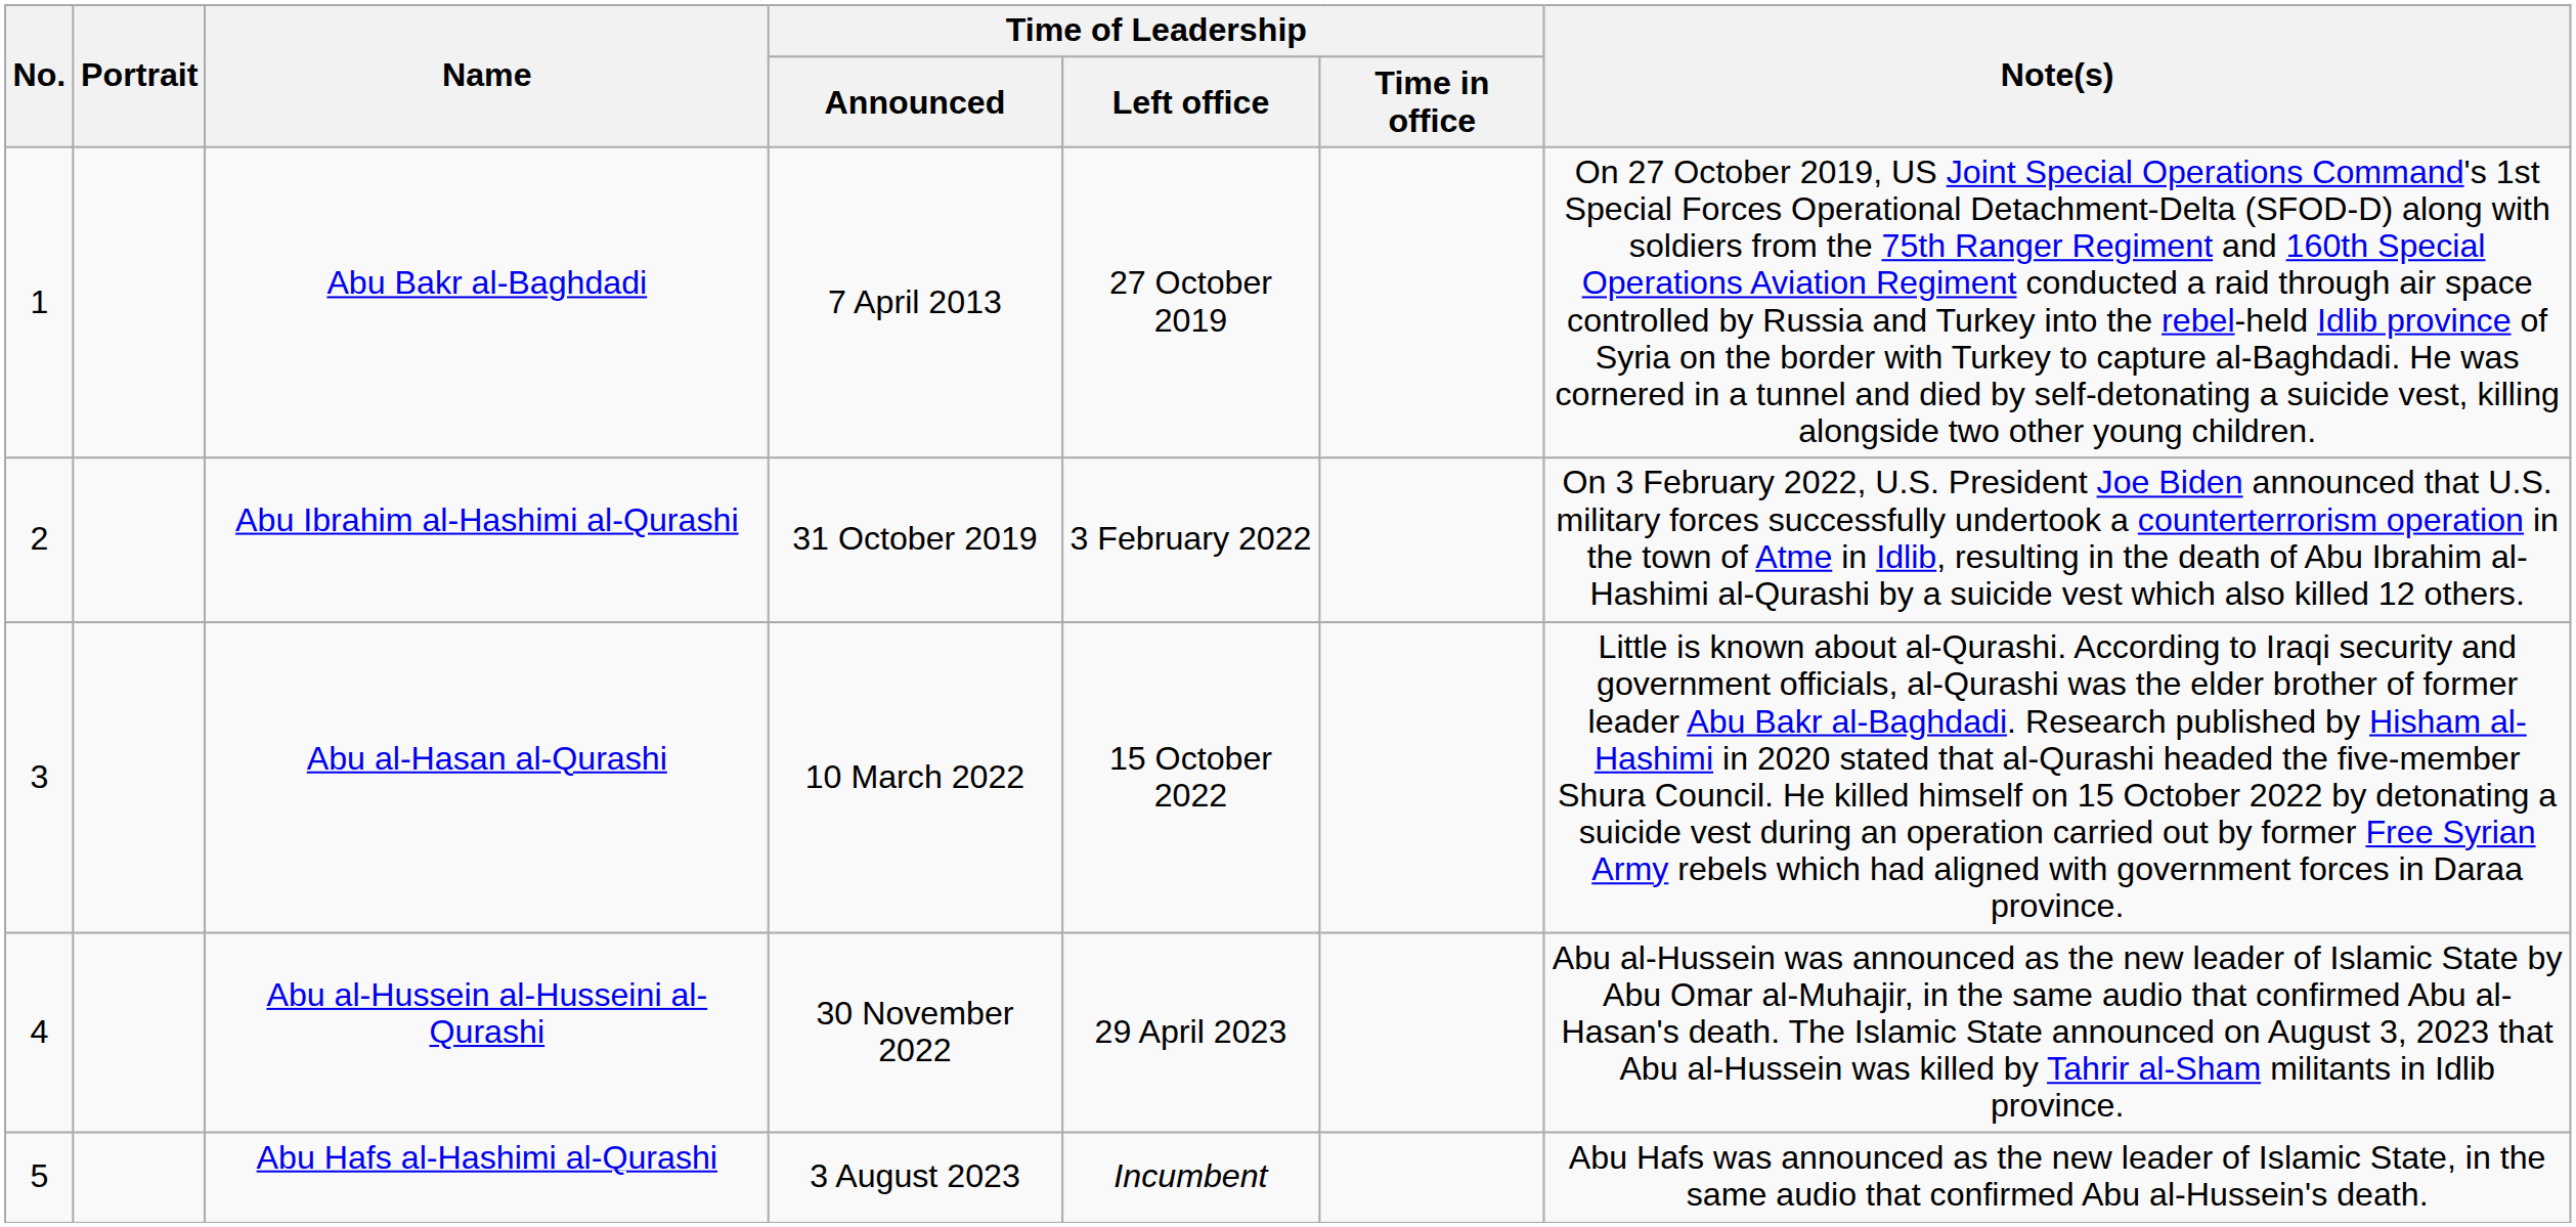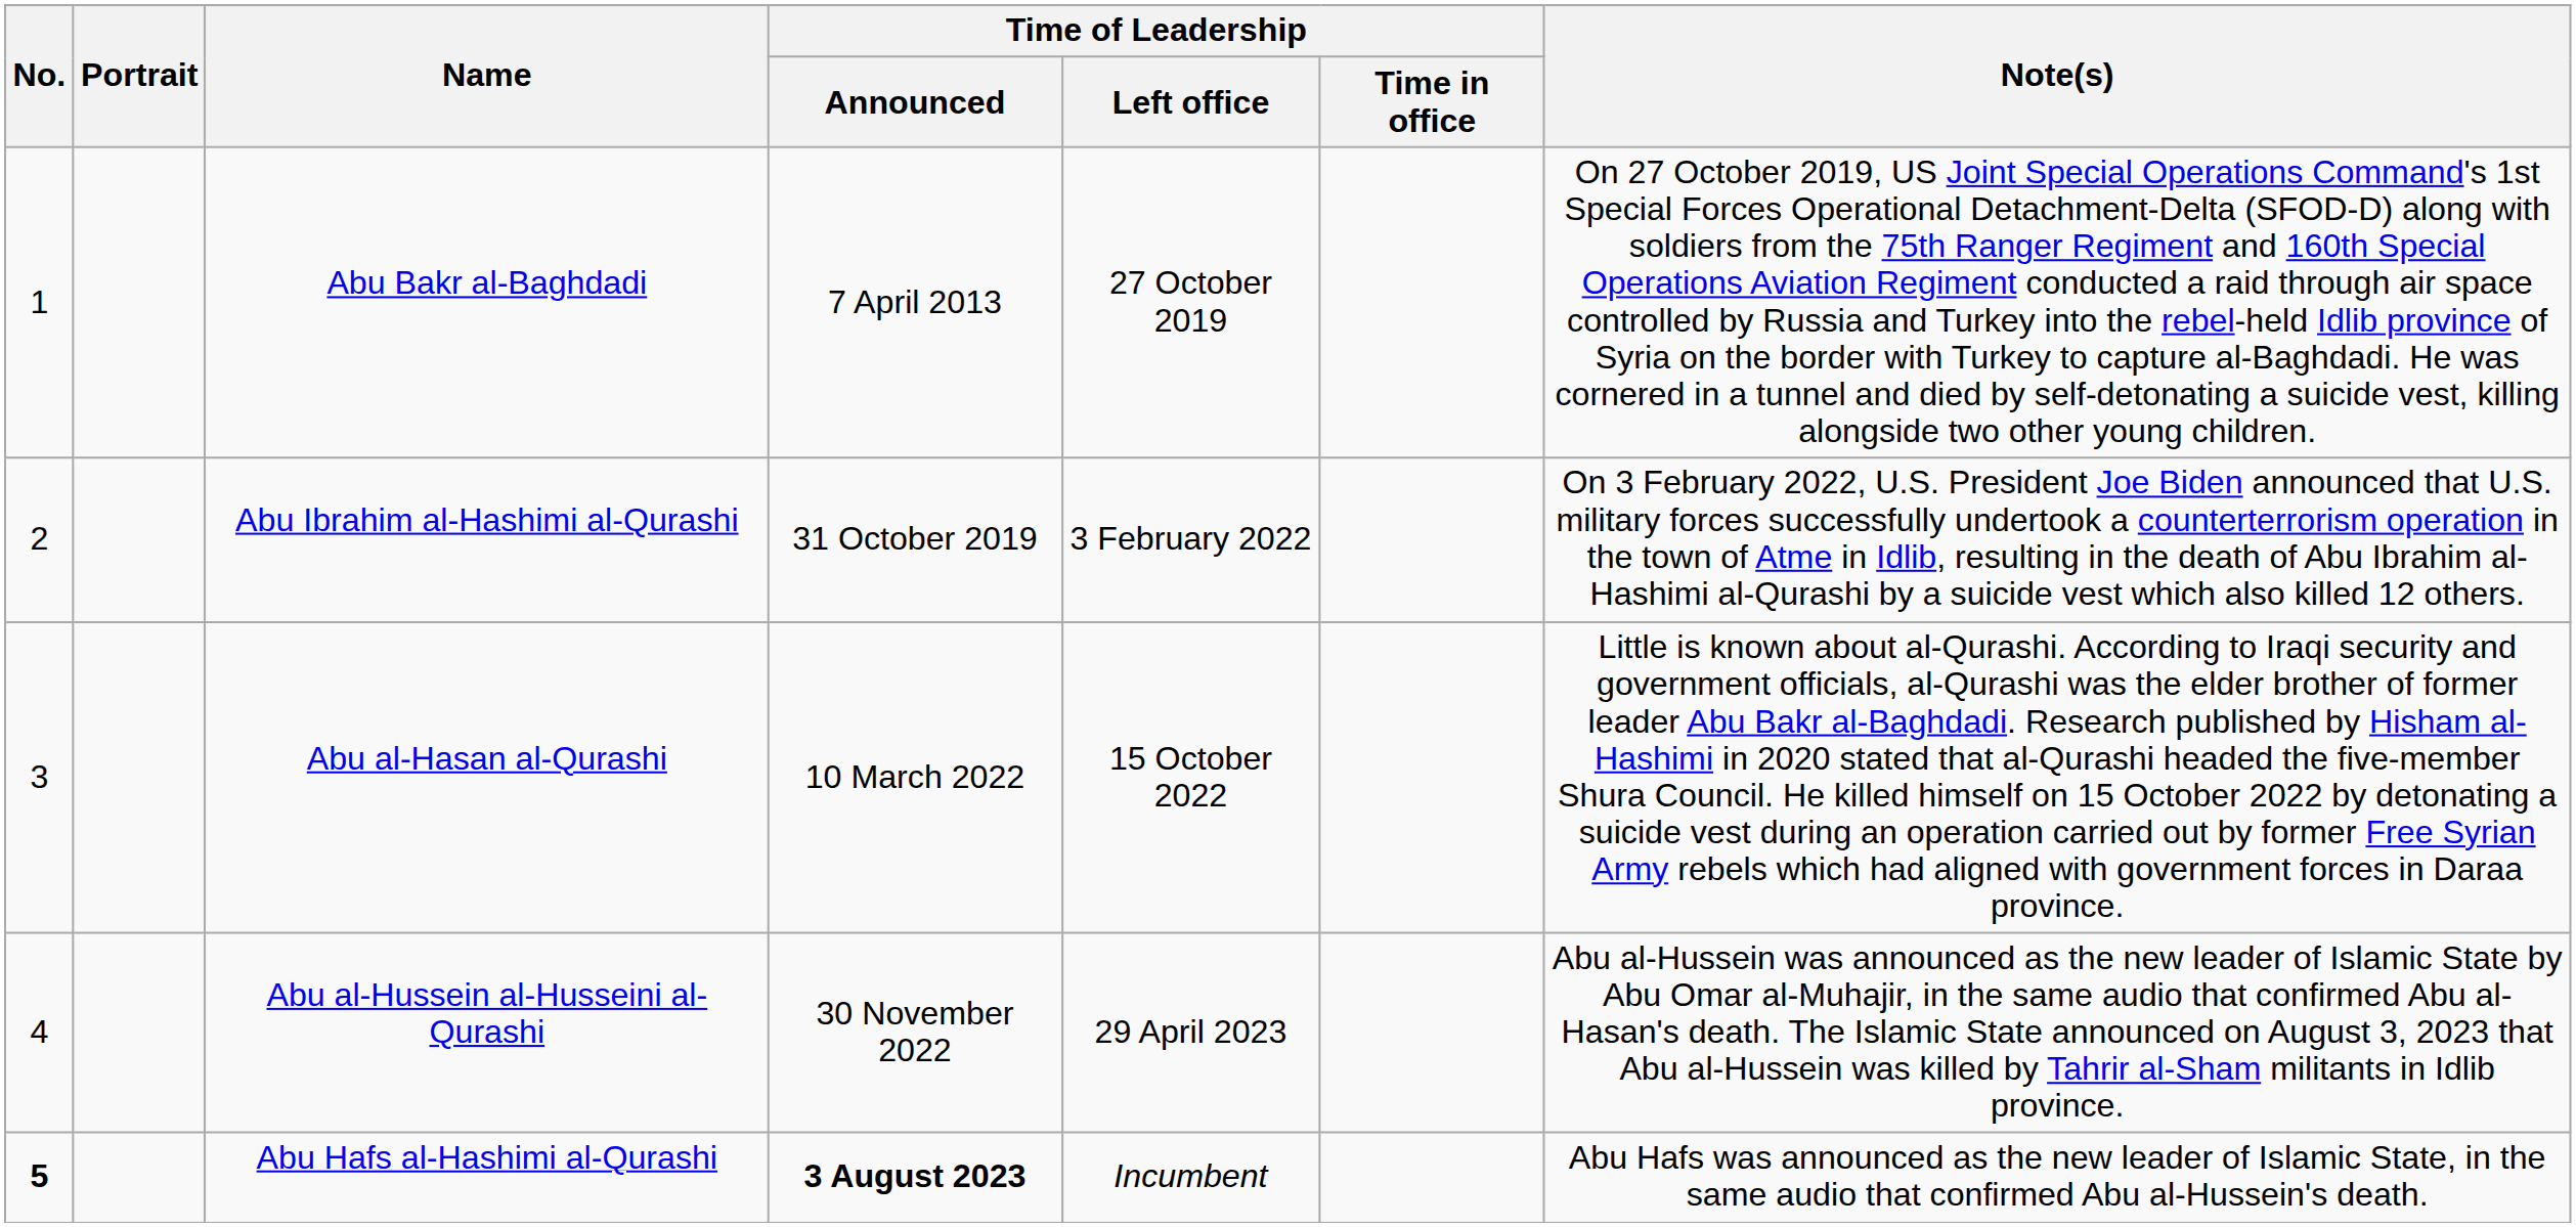 <table class="wikitable" style="text-align:center">
 <tr>
 <th rowspan="2">No.</th>
 <th rowspan="2">Portrait</th>
 <th rowspan="2">Name<br></th>
 <th colspan="3">Time of Leadership</th>
 <th rowspan="2" width="40%">Note(s)</th>
 </tr>
 <tr>
 <th>Announced</th>
 <th>Left office</th>
 <th>Time in office</th>
 </tr>
 <tr>
 <td>1</td>
 <td></td>
 <td><a href='#'>Abu Bakr al-Baghdadi</a><br><br></td>
 <td>7 April 2013</td>
 <td>27 October 2019</td>
 <td></td>
 <td>On 27 October 2019, US <a href='#'>Joint Special Operations Command</a>'s 1st Special Forces Operational Detachment-Delta (SFOD-D) along with soldiers from the <a href='#'>75th Ranger Regiment</a> and <a href='#'>160th Special Operations Aviation Regiment</a> conducted a raid through air space controlled by Russia and Turkey into the <a href='#'>rebel</a>-held <a href='#'>Idlib province</a> of Syria on the border with Turkey to capture al-Baghdadi. He was cornered in a tunnel and died by self-detonating a suicide vest, killing alongside two other young children.</td>
 </tr>
 <tr>
 <td>2</td>
 <td></td>
 <td><a href='#'>Abu Ibrahim al-Hashimi al-Qurashi</a><br><br></td>
 <td>31 October 2019</td>
 <td>3 February 2022</td>
 <td></td>
 <td>On 3 February 2022, U.S. President <a href='#'>Joe Biden</a> announced that U.S. military forces successfully undertook a <a href='#'>counterterrorism operation</a> in the town of <a href='#'>Atme</a> in <a href='#'>Idlib</a>, resulting in the death of Abu Ibrahim al-Hashimi al-Qurashi by a suicide vest which also killed 12 others.</td>
 </tr>
 <tr>
 <td>3</td>
 <td></td>
 <td><a href='#'>Abu al-Hasan al-Qurashi</a><br><br></td>
 <td>10 March 2022</td>
 <td>15 October 2022</td>
 <td></td>
 <td>Little is known about al-Qurashi. According to Iraqi security and government officials, al-Qurashi was the elder brother of former leader <a href='#'>Abu Bakr al-Baghdadi</a>. Research published by <a href='#'>Hisham al-Hashimi</a> in 2020 stated that al-Qurashi headed the five-member Shura Council. He killed himself on 15 October 2022 by detonating a suicide vest during an operation carried out by former <a href='#'>Free Syrian Army</a> rebels which had aligned with government forces in Daraa province.</td>
 </tr>
 <tr>
 <td>4</td>
 <td></td>
 <td><a href='#'>Abu al-Hussein al-Husseini al-Qurashi</a><br><br></td>
 <td>30 November 2022</td>
 <td>29 April 2023</td>
 <td></td>
 <td>Abu al-Hussein was announced as the new leader of Islamic State by Abu Omar al-Muhajir, in the same audio that confirmed Abu al-Hasan's death. The Islamic State announced on August 3, 2023 that Abu al-Hussein was killed by <a href='#'>Tahrir al-Sham</a> militants in Idlib province.</td>
 </tr>
 <tr>
-<td>5</td>
+<td><strong>5</strong></td>
 <td></td>
 <td><a href='#'>Abu Hafs al-Hashimi al-Qurashi</a><br><br></td>
-<td>3 August 2023</td>
+<td><strong>3 August 2023</strong></td>
 <td><em>Incumbent</em></td>
 <td></td>
 <td>Abu Hafs was announced as the new leader of Islamic State, in the same audio that confirmed Abu al-Hussein's death.</td>
 </tr>
 </table>
